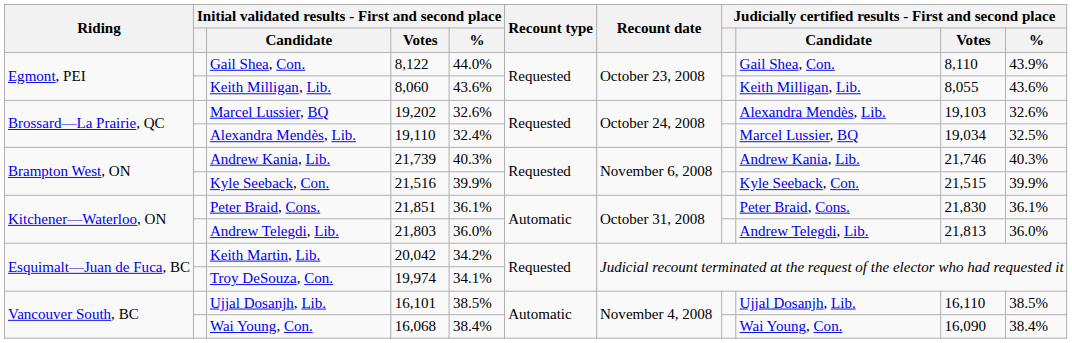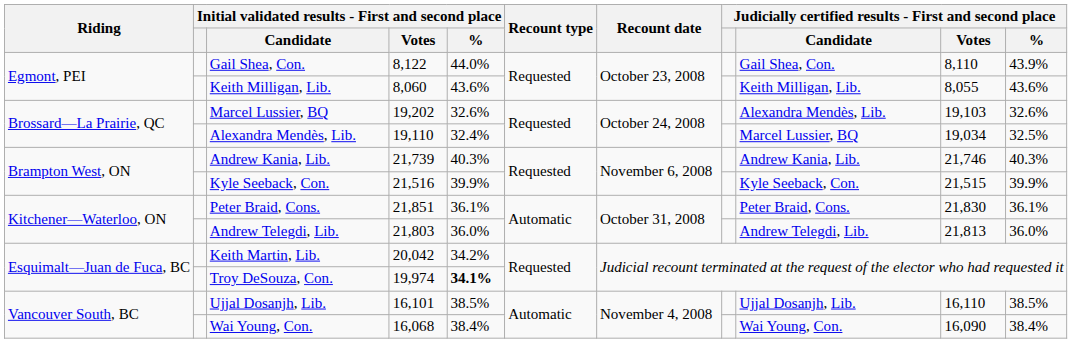 <table class="wikitable">
 <tr>
 <th rowspan=2>Riding</th>
 <th colspan=4>Initial validated results - First and second place</th>
 <th rowspan=2>Recount type</th>
 <th rowspan=2>Recount date</th>
 <th colspan=4>Judicially certified results - First and second place</th>
 </tr>
 <tr>
 <th></th>
 <th>Candidate</th>
 <th>Votes</th>
 <th>%</th>
 <th></th>
 <th>Candidate</th>
 <th>Votes</th>
 <th>%</th>
 </tr>
 <tr>
 <td rowspan=2><a href='#'>Egmont</a>, PEI</td>
 <td> </td>
 <td><a href='#'>Gail Shea</a>, <a href='#'>Con.</a></td>
 <td>8,122</td>
 <td>44.0%</td>
 <td rowspan=2>Requested</td>
 <td rowspan=2>October 23, 2008</td>
 <td> </td>
 <td><a href='#'>Gail Shea</a>, <a href='#'>Con.</a></td>
 <td>8,110</td>
 <td>43.9%</td>
 </tr>
 <tr>
 <td> </td>
 <td><a href='#'>Keith Milligan</a>, <a href='#'>Lib.</a></td>
 <td>8,060</td>
 <td>43.6%</td>
 <td> </td>
 <td><a href='#'>Keith Milligan</a>, <a href='#'>Lib.</a></td>
 <td>8,055</td>
 <td>43.6%</td>
 </tr>
 <tr>
 <td rowspan=2><a href='#'>Brossard—La Prairie</a>, QC</td>
 <td> </td>
 <td><a href='#'>Marcel Lussier</a>, <a href='#'>BQ</a></td>
 <td>19,202</td>
 <td>32.6%</td>
 <td rowspan=2>Requested</td>
 <td rowspan=2>October 24, 2008</td>
 <td> </td>
 <td><a href='#'>Alexandra Mendès</a>, <a href='#'>Lib.</a></td>
 <td>19,103</td>
 <td>32.6%</td>
 </tr>
 <tr>
 <td> </td>
 <td><a href='#'>Alexandra Mendès</a>, <a href='#'>Lib.</a></td>
 <td>19,110</td>
 <td>32.4%</td>
 <td> </td>
 <td><a href='#'>Marcel Lussier</a>, <a href='#'>BQ</a></td>
 <td>19,034</td>
 <td>32.5%</td>
 </tr>
 <tr>
 <td rowspan=2><a href='#'>Brampton West</a>, ON</td>
 <td> </td>
 <td><a href='#'>Andrew Kania</a>, <a href='#'>Lib.</a></td>
 <td>21,739</td>
 <td>40.3%</td>
 <td rowspan=2>Requested</td>
 <td rowspan=2>November 6, 2008</td>
 <td> </td>
 <td><a href='#'>Andrew Kania</a>, <a href='#'>Lib.</a></td>
 <td>21,746</td>
 <td>40.3%</td>
 </tr>
 <tr>
 <td> </td>
 <td><a href='#'>Kyle Seeback</a>, <a href='#'>Con.</a></td>
 <td>21,516</td>
 <td>39.9%</td>
 <td> </td>
 <td><a href='#'>Kyle Seeback</a>, <a href='#'>Con.</a></td>
 <td>21,515</td>
 <td>39.9%</td>
 </tr>
 <tr>
 <td rowspan=2><a href='#'>Kitchener—Waterloo</a>, ON</td>
 <td> </td>
 <td><a href='#'>Peter Braid</a>, <a href='#'>Cons.</a></td>
 <td>21,851</td>
 <td>36.1%</td>
 <td rowspan=2>Automatic</td>
 <td rowspan=2>October 31, 2008</td>
 <td> </td>
 <td><a href='#'>Peter Braid</a>, <a href='#'>Cons.</a></td>
 <td>21,830</td>
 <td>36.1%</td>
 </tr>
 <tr>
 <td> </td>
 <td><a href='#'>Andrew Telegdi</a>, <a href='#'>Lib.</a></td>
 <td>21,803</td>
 <td>36.0%</td>
 <td> </td>
 <td><a href='#'>Andrew Telegdi</a>, <a href='#'>Lib.</a></td>
 <td>21,813</td>
 <td>36.0%</td>
 </tr>
 <tr>
 <td rowspan=2><a href='#'>Esquimalt—Juan de Fuca</a>, BC</td>
 <td> </td>
 <td><a href='#'>Keith Martin</a>, <a href='#'>Lib.</a></td>
 <td>20,042</td>
 <td>34.2%</td>
 <td rowspan=2>Requested</td>
 <td rowspan=2 colspan=5><em>Judicial recount terminated at the request of the elector who had requested it</em></td>
 </tr>
 <tr>
 <td> </td>
 <td><a href='#'>Troy DeSouza</a>, <a href='#'>Con.</a></td>
 <td>19,974</td>
-<td>34.1%</td>
+<td><strong>34.1%</strong></td>
 </tr>
 <tr>
 <td rowspan=2><a href='#'>Vancouver South</a>, BC</td>
 <td> </td>
 <td><a href='#'>Ujjal Dosanjh</a>, <a href='#'>Lib.</a></td>
 <td>16,101</td>
 <td>38.5%</td>
 <td rowspan=2>Automatic</td>
 <td rowspan=2>November 4, 2008</td>
 <td> </td>
 <td><a href='#'>Ujjal Dosanjh</a>, <a href='#'>Lib.</a></td>
 <td>16,110</td>
 <td>38.5%</td>
 </tr>
 <tr>
 <td> </td>
 <td><a href='#'>Wai Young</a>, <a href='#'>Con.</a></td>
 <td>16,068</td>
 <td>38.4%</td>
 <td> </td>
 <td><a href='#'>Wai Young</a>, <a href='#'>Con.</a></td>
 <td>16,090</td>
 <td>38.4%</td>
 </tr>
 </table>
